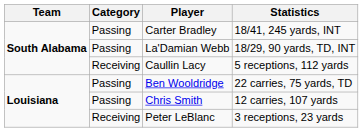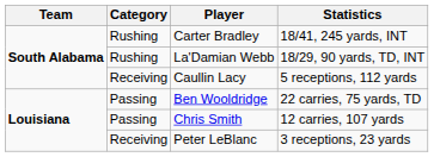 <table class="wikitable" style="float: right;">
 <tr>
 <th>Team</th>
 <th>Category</th>
 <th>Player</th>
 <th>Statistics</th>
 </tr>
 <tr>
 <td rowspan=3><strong>South Alabama</strong></td>
-<td>Passing</td>
+<td>Rushing</td>
 <td>Carter Bradley</td>
 <td>18/41, 245 yards, INT</td>
 </tr>
 <tr>
-<td>Passing</td>
+<td>Rushing</td>
 <td>La'Damian Webb</td>
 <td>18/29, 90 yards, TD, INT</td>
 </tr>
 <tr>
 <td>Receiving</td>
 <td>Caullin Lacy</td>
 <td>5 receptions, 112 yards</td>
 </tr>
 <tr>
 <td rowspan=3><strong>Louisiana</strong></td>
 <td>Passing</td>
 <td><a href='#'>Ben Wooldridge</a></td>
 <td>22 carries, 75 yards, TD</td>
 </tr>
 <tr>
 <td>Passing</td>
 <td><a href='#'>Chris Smith</a></td>
 <td>12 carries, 107 yards</td>
 </tr>
 <tr>
 <td>Receiving</td>
 <td>Peter LeBlanc</td>
 <td>3 receptions, 23 yards</td>
 </tr>
 </table>
